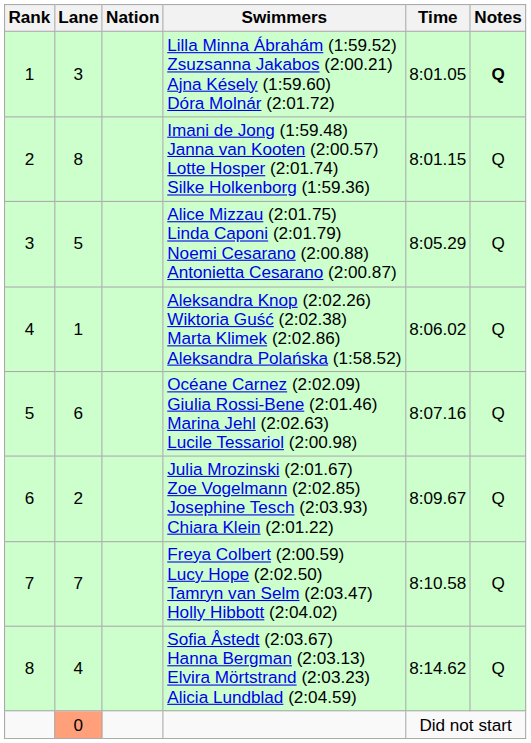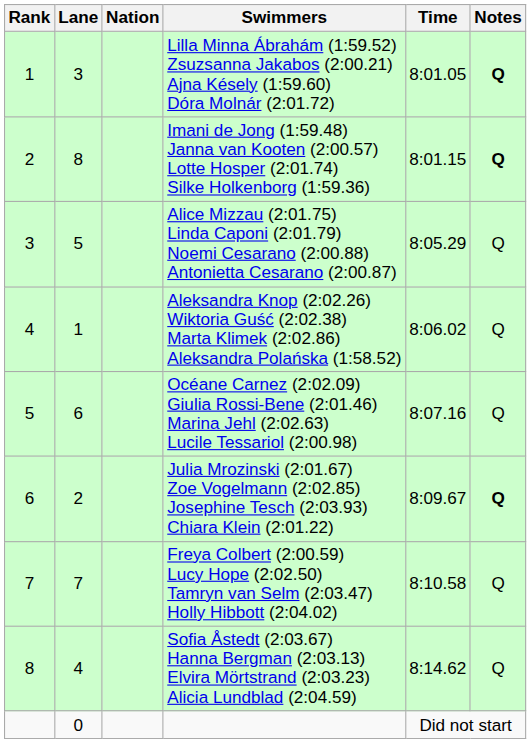 <table class="wikitable sortable" style="text-align:center">
 <tr>
 <th>Rank</th>
 <th>Lane</th>
 <th>Nation</th>
 <th>Swimmers</th>
 <th>Time</th>
 <th>Notes</th>
 </tr>
 <tr bgcolor=ccffcc>
 <td>1</td>
 <td>3</td>
 <td align=left></td>
 <td align=left><a href='#'>Lilla Minna Ábrahám</a> (1:59.52)<br><a href='#'>Zsuzsanna Jakabos</a> (2:00.21)<br><a href='#'>Ajna Késely</a> (1:59.60)<br><a href='#'>Dóra Molnár</a> (2:01.72)</td>
 <td>8:01.05</td>
 <td><strong>Q</strong></td>
 </tr>
 <tr bgcolor=ccffcc>
 <td>2</td>
 <td>8</td>
 <td align=left></td>
 <td align=left><a href='#'>Imani de Jong</a> (1:59.48)<br><a href='#'>Janna van Kooten</a> (2:00.57)<br><a href='#'>Lotte Hosper</a> (2:01.74)<br><a href='#'>Silke Holkenborg</a> (1:59.36)</td>
 <td>8:01.15</td>
-<td>Q</td>
+<td><strong>Q</strong></td>
 </tr>
 <tr bgcolor=ccffcc>
 <td>3</td>
 <td>5</td>
 <td align=left></td>
 <td align=left><a href='#'>Alice Mizzau</a> (2:01.75)<br><a href='#'>Linda Caponi</a> (2:01.79)<br><a href='#'>Noemi Cesarano</a> (2:00.88)<br><a href='#'>Antonietta Cesarano</a> (2:00.87)</td>
 <td>8:05.29</td>
 <td>Q</td>
 </tr>
 <tr bgcolor=ccffcc>
 <td>4</td>
 <td>1</td>
 <td align=left></td>
 <td align=left><a href='#'>Aleksandra Knop</a> (2:02.26)<br><a href='#'>Wiktoria Guść</a> (2:02.38)<br><a href='#'>Marta Klimek</a> (2:02.86)<br><a href='#'>Aleksandra Polańska</a> (1:58.52)</td>
 <td>8:06.02</td>
 <td>Q</td>
 </tr>
 <tr bgcolor=ccffcc>
 <td>5</td>
 <td>6</td>
 <td align=left></td>
 <td align=left><a href='#'>Océane Carnez</a> (2:02.09)<br><a href='#'>Giulia Rossi-Bene</a> (2:01.46)<br><a href='#'>Marina Jehl</a> (2:02.63)<br><a href='#'>Lucile Tessariol</a> (2:00.98)</td>
 <td>8:07.16</td>
 <td>Q</td>
 </tr>
 <tr bgcolor=ccffcc>
 <td>6</td>
 <td>2</td>
 <td align=left></td>
 <td align=left><a href='#'>Julia Mrozinski</a> (2:01.67)<br><a href='#'>Zoe Vogelmann</a> (2:02.85)<br><a href='#'>Josephine Tesch</a> (2:03.93)<br><a href='#'>Chiara Klein</a> (2:01.22)</td>
 <td>8:09.67</td>
-<td>Q</td>
+<td><strong>Q</strong></td>
 </tr>
 <tr bgcolor=ccffcc>
 <td>7</td>
 <td>7</td>
 <td align=left></td>
 <td align=left><a href='#'>Freya Colbert</a> (2:00.59)<br><a href='#'>Lucy Hope</a> (2:02.50)<br><a href='#'>Tamryn van Selm</a> (2:03.47)<br><a href='#'>Holly Hibbott</a> (2:04.02)</td>
 <td>8:10.58</td>
 <td>Q</td>
 </tr>
 <tr bgcolor=ccffcc>
 <td>8</td>
 <td>4</td>
 <td align=left></td>
 <td align=left><a href='#'>Sofia Åstedt</a> (2:03.67)<br><a href='#'>Hanna Bergman</a> (2:03.13)<br><a href='#'>Elvira Mörtstrand</a> (2:03.23)<br><a href='#'>Alicia Lundblad</a> (2:04.59)</td>
 <td>8:14.62</td>
 <td>Q</td>
 </tr>
 <tr>
 <td></td>
-<td style="background: lightsalmon;">0</td>
+<td>0</td>
 <td align=left></td>
 <td align=left></td>
 <td colspan=2>Did not start</td>
 </tr>
 </table>
